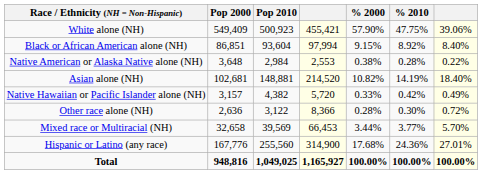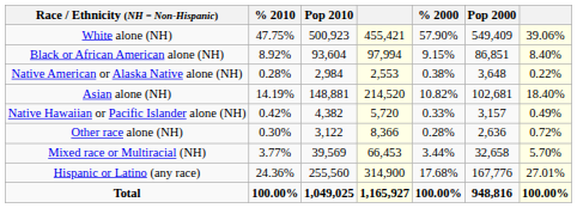 <table class="wikitable" style="text-align:center;">
 <tr>
 <th>Race / Ethnicity <small>(<em>NH = Non-Hispanic</em>)</small></th>
-<th>Pop 2000</th>
+<th>% 2010</th>
 <th>Pop 2010</th>
 <th></th>
 <th>% 2000</th>
-<th>% 2010</th>
+<th>Pop 2000</th>
 <th></th>
 </tr>
 <tr>
 <td><a href='#'>White</a> alone (NH)</td>
-<td>549,409</td>
+<td>47.75%</td>
 <td>500,923</td>
 <td style='background: #ffffe6;'>455,421</td>
 <td>57.90%</td>
-<td>47.75%</td>
+<td>549,409</td>
 <td style='background: #ffffe6;'>39.06%</td>
 </tr>
 <tr>
 <td><a href='#'>Black or African American</a> alone (NH)</td>
-<td>86,851</td>
+<td>8.92%</td>
 <td>93,604</td>
 <td style='background: #ffffe6;'>97,994</td>
 <td>9.15%</td>
-<td>8.92%</td>
+<td>86,851</td>
 <td style='background: #ffffe6;'>8.40%</td>
 </tr>
 <tr>
 <td><a href='#'>Native American</a> or <a href='#'>Alaska Native</a> alone (NH)</td>
-<td>3,648</td>
+<td>0.28%</td>
 <td>2,984</td>
 <td style='background: #ffffe6;'>2,553</td>
 <td>0.38%</td>
-<td>0.28%</td>
+<td>3,648</td>
 <td style='background: #ffffe6;'>0.22%</td>
 </tr>
 <tr>
 <td><a href='#'>Asian</a> alone (NH)</td>
-<td>102,681</td>
+<td>14.19%</td>
 <td>148,881</td>
 <td style='background: #ffffe6;'>214,520</td>
 <td>10.82%</td>
-<td>14.19%</td>
+<td>102,681</td>
 <td style='background: #ffffe6;'>18.40%</td>
 </tr>
 <tr>
 <td><a href='#'>Native Hawaiian</a> or <a href='#'>Pacific Islander</a> alone (NH)</td>
-<td>3,157</td>
+<td>0.42%</td>
 <td>4,382</td>
 <td style='background: #ffffe6;'>5,720</td>
 <td>0.33%</td>
-<td>0.42%</td>
+<td>3,157</td>
 <td style='background: #ffffe6;'>0.49%</td>
 </tr>
 <tr>
 <td><a href='#'>Other race</a> alone (NH)</td>
-<td>2,636</td>
+<td>0.30%</td>
 <td>3,122</td>
 <td style='background: #ffffe6;'>8,366</td>
 <td>0.28%</td>
-<td>0.30%</td>
+<td>2,636</td>
 <td style='background: #ffffe6;'>0.72%</td>
 </tr>
 <tr>
 <td><a href='#'>Mixed race or Multiracial</a> (NH)</td>
-<td>32,658</td>
+<td>3.77%</td>
 <td>39,569</td>
 <td style='background: #ffffe6;'>66,453</td>
 <td>3.44%</td>
-<td>3.77%</td>
+<td>32,658</td>
 <td style='background: #ffffe6;'>5.70%</td>
 </tr>
 <tr>
 <td><a href='#'>Hispanic or Latino</a> (any race)</td>
-<td>167,776</td>
+<td>24.36%</td>
 <td>255,560</td>
 <td style='background: #ffffe6;'>314,900</td>
 <td>17.68%</td>
-<td>24.36%</td>
+<td>167,776</td>
 <td style='background: #ffffe6;'>27.01%</td>
 </tr>
 <tr>
 <td><strong>Total</strong></td>
-<td><strong>948,816</strong></td>
+<td><strong>100.00%</strong></td>
 <td><strong>1,049,025</strong></td>
 <td style='background: #ffffe6;'><strong>1,165,927</strong></td>
 <td><strong>100.00%</strong></td>
-<td><strong>100.00%</strong></td>
+<td><strong>948,816</strong></td>
 <td style='background: #ffffe6;'><strong>100.00%</strong></td>
 </tr>
 </table>
